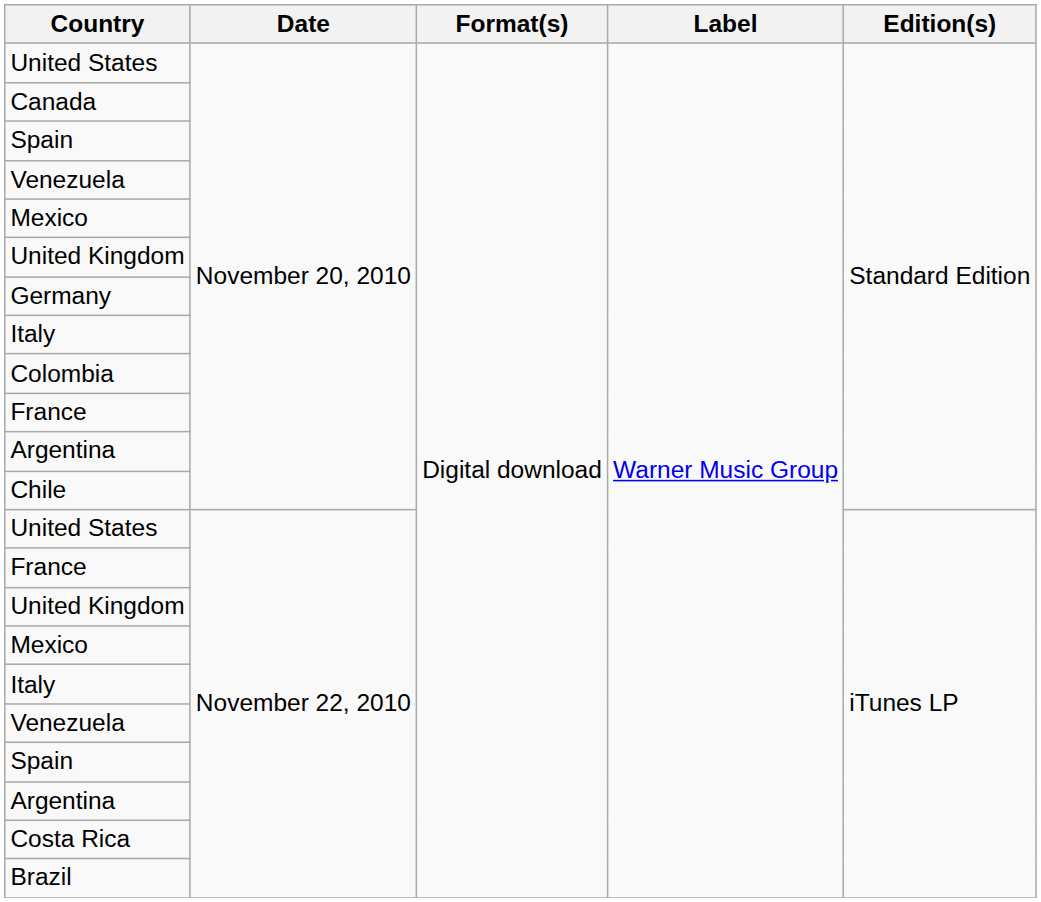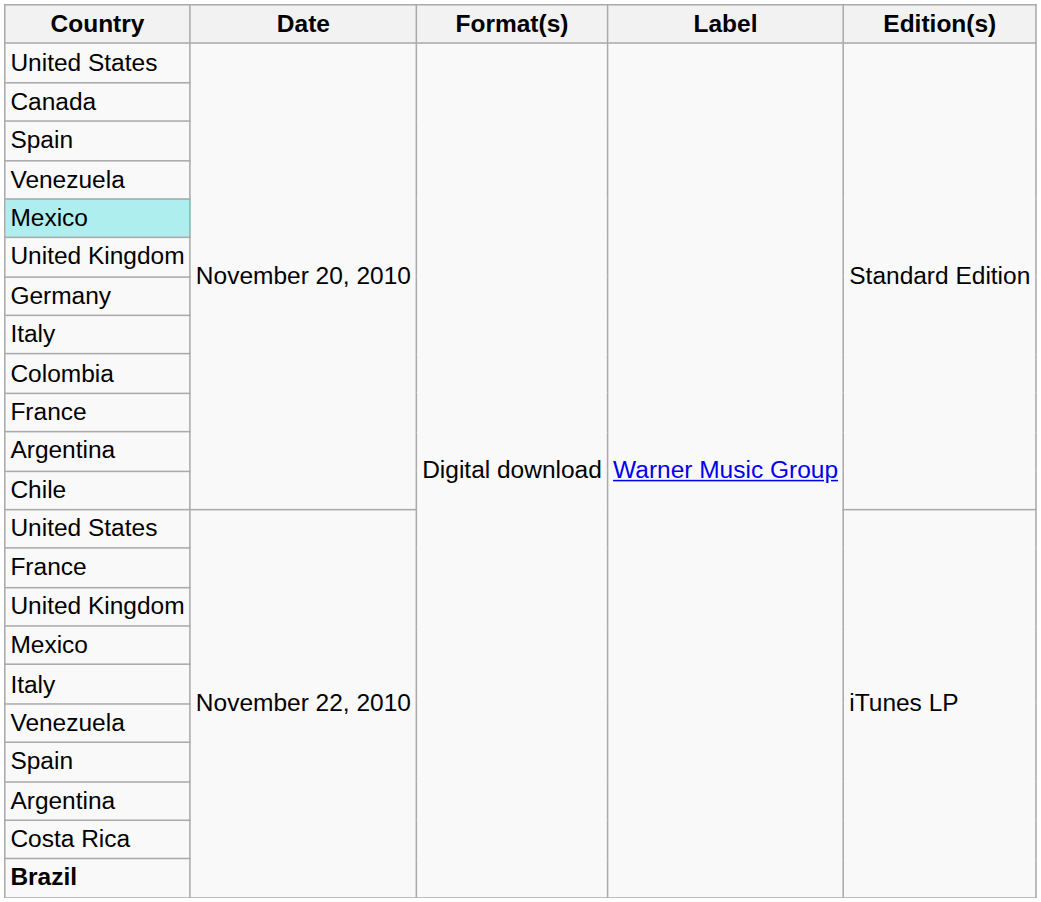 <table class="wikitable plainrowheaders">
 <tr>
 <th scope="col">Country</th>
 <th scope="col">Date</th>
 <th scope="col">Format(s)</th>
 <th scope="col">Label</th>
 <th scope="col">Edition(s)</th>
 </tr>
 <tr>
 <td>United States</td>
 <td rowspan="12">November 20, 2010</td>
 <td rowspan="22">Digital download</td>
 <td rowspan="22"><a href='#'>Warner Music Group</a></td>
 <td rowspan="12">Standard Edition</td>
 </tr>
 <tr>
 <td>Canada</td>
 </tr>
 <tr>
 <td>Spain</td>
 </tr>
 <tr>
 <td>Venezuela</td>
 </tr>
 <tr>
-<td>Mexico</td>
+<td style="background: paleturquoise;">Mexico</td>
 </tr>
 <tr>
 <td>United Kingdom</td>
 </tr>
 <tr>
 <td>Germany</td>
 </tr>
 <tr>
 <td>Italy</td>
 </tr>
 <tr>
 <td>Colombia</td>
 </tr>
 <tr>
 <td>France</td>
 </tr>
 <tr>
 <td>Argentina</td>
 </tr>
 <tr>
 <td>Chile</td>
 </tr>
 <tr>
 <td>United States</td>
 <td rowspan="10">November 22, 2010</td>
 <td rowspan="10">iTunes LP</td>
 </tr>
 <tr>
 <td>France</td>
 </tr>
 <tr>
 <td>United Kingdom</td>
 </tr>
 <tr>
 <td>Mexico</td>
 </tr>
 <tr>
 <td>Italy</td>
 </tr>
 <tr>
 <td>Venezuela</td>
 </tr>
 <tr>
 <td>Spain</td>
 </tr>
 <tr>
 <td>Argentina</td>
 </tr>
 <tr>
 <td>Costa Rica</td>
 </tr>
 <tr>
-<td>Brazil</td>
+<td><strong>Brazil</strong></td>
 </tr>
 <tr>
 </tr>
 </table>
